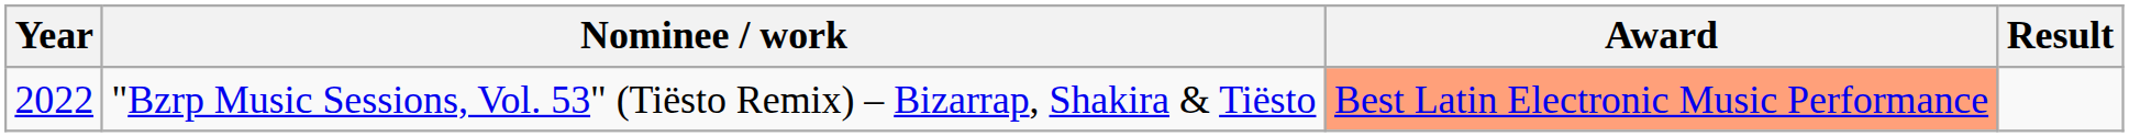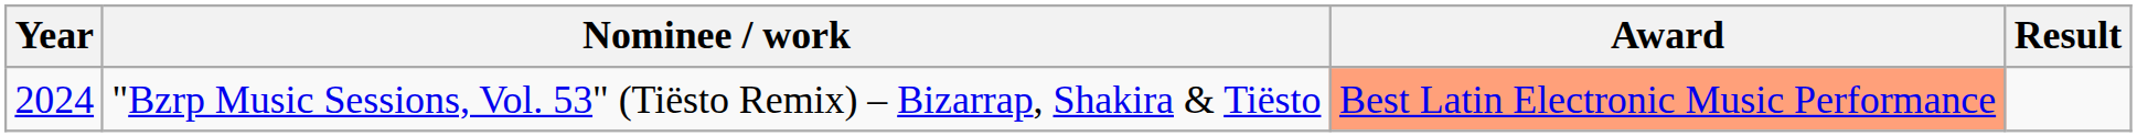 <table class="wikitable">
 <tr>
 <th>Year</th>
 <th>Nominee / work</th>
 <th>Award</th>
 <th>Result</th>
 </tr>
 <tr>
-<td><a href='#'>2022</a></td>
+<td><a href='#'>2024</a></td>
 <td>"<a href='#'>Bzrp Music Sessions, Vol. 53</a>" (Tiësto Remix) – <a href='#'>Bizarrap</a>, <a href='#'>Shakira</a> & <a href='#'>Tiësto</a></td>
 <td style="background: lightsalmon;"><a href='#'>Best Latin Electronic Music Performance</a></td>
 <td></td>
 </tr>
 </table>
